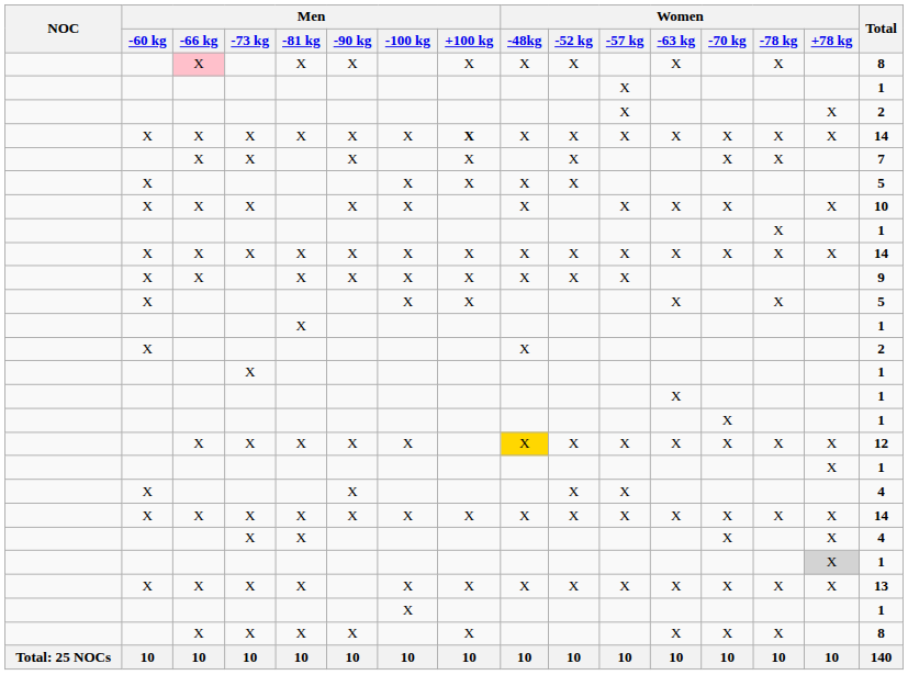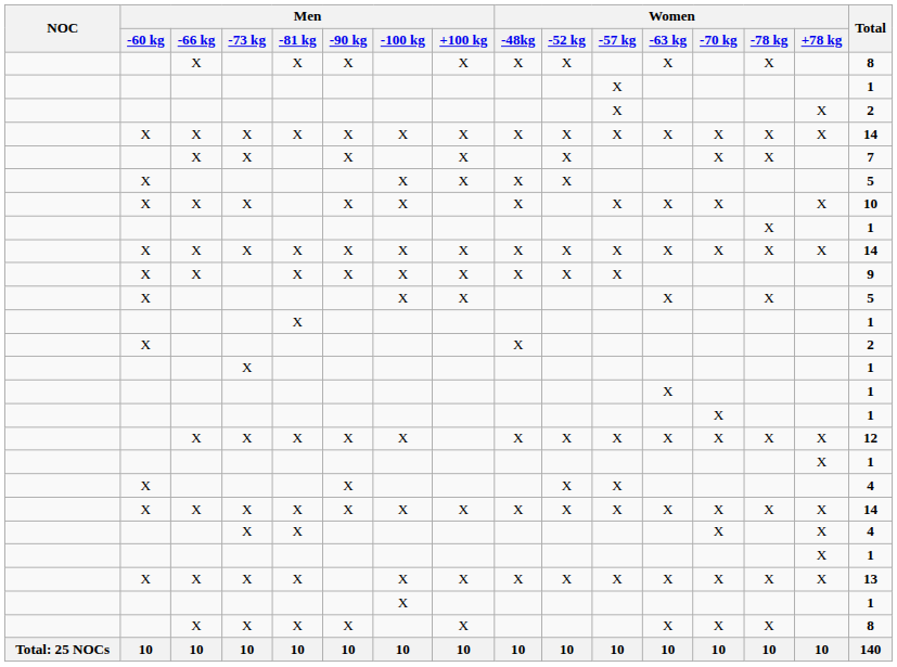 <table class="wikitable" width=900 style="text-align:center; font-size:90%">
 <tr>
 <th rowspan="2" align="left">NOC</th>
 <th colspan="7">Men</th>
 <th colspan="7">Women</th>
 <th rowspan="2">Total</th>
 </tr>
 <tr>
 <th><a href='#'>-60 kg</a></th>
 <th><a href='#'>-66 kg</a></th>
 <th><a href='#'>-73 kg</a></th>
 <th><a href='#'>-81 kg</a></th>
 <th><a href='#'>-90 kg</a></th>
 <th><a href='#'>-100 kg</a></th>
 <th><a href='#'>+100 kg</a></th>
 <th><a href='#'>-48kg</a></th>
 <th><a href='#'>-52 kg</a></th>
 <th><a href='#'>-57 kg</a></th>
 <th><a href='#'>-63 kg</a></th>
 <th><a href='#'>-70 kg</a></th>
 <th><a href='#'>-78 kg</a></th>
 <th><a href='#'>+78 kg</a></th>
 </tr>
 <tr>
 <td style="text-align:left;"></td>
 <td></td>
-<td style="background: pink;">X</td>
+<td>X</td>
 <td></td>
 <td>X</td>
 <td>X</td>
 <td></td>
 <td>X</td>
 <td>X</td>
 <td>X</td>
 <td></td>
 <td>X</td>
 <td></td>
 <td>X</td>
 <td></td>
 <td><strong>8</strong></td>
 </tr>
 <tr>
 <td style="text-align:left;"></td>
 <td></td>
 <td></td>
 <td></td>
 <td></td>
 <td></td>
 <td></td>
 <td></td>
 <td></td>
 <td></td>
 <td>X</td>
 <td></td>
 <td></td>
 <td></td>
 <td></td>
 <td><strong>1</strong></td>
 </tr>
 <tr>
 <td style="text-align:left;"></td>
 <td></td>
 <td></td>
 <td></td>
 <td></td>
 <td></td>
 <td></td>
 <td></td>
 <td></td>
 <td></td>
 <td>X</td>
 <td></td>
 <td></td>
 <td></td>
 <td>X</td>
 <td><strong>2</strong></td>
 </tr>
 <tr>
 <td style="text-align:left;"></td>
 <td>X</td>
 <td>X</td>
 <td>X</td>
 <td>X</td>
 <td>X</td>
 <td>X</td>
-<td><strong>X</strong></td>
+<td>X</td>
 <td>X</td>
 <td>X</td>
 <td>X</td>
 <td>X</td>
 <td>X</td>
 <td>X</td>
 <td>X</td>
 <td><strong>14</strong></td>
 </tr>
 <tr>
 <td style="text-align:left;"></td>
 <td></td>
 <td>X</td>
 <td>X</td>
 <td></td>
 <td>X</td>
 <td></td>
 <td>X</td>
 <td></td>
 <td>X</td>
 <td></td>
 <td></td>
 <td>X</td>
 <td>X</td>
 <td></td>
 <td><strong>7</strong></td>
 </tr>
 <tr>
 <td style="text-align:left;"></td>
 <td>X</td>
 <td></td>
 <td></td>
 <td></td>
 <td></td>
 <td>X</td>
 <td>X</td>
 <td>X</td>
 <td>X</td>
 <td></td>
 <td></td>
 <td></td>
 <td></td>
 <td></td>
 <td><strong>5</strong></td>
 </tr>
 <tr>
 <td style="text-align:left;"></td>
 <td>X</td>
 <td>X</td>
 <td>X</td>
 <td></td>
 <td>X</td>
 <td>X</td>
 <td></td>
 <td>X</td>
 <td></td>
 <td>X</td>
 <td>X</td>
 <td>X</td>
 <td></td>
 <td>X</td>
 <td><strong>10</strong></td>
 </tr>
 <tr>
 <td style="text-align:left;"></td>
 <td></td>
 <td></td>
 <td></td>
 <td></td>
 <td></td>
 <td></td>
 <td></td>
 <td></td>
 <td></td>
 <td></td>
 <td></td>
 <td></td>
 <td>X</td>
 <td></td>
 <td><strong>1</strong></td>
 </tr>
 <tr>
 <td style="text-align:left;"></td>
 <td>X</td>
 <td>X</td>
 <td>X</td>
 <td>X</td>
 <td>X</td>
 <td>X</td>
 <td>X</td>
 <td>X</td>
 <td>X</td>
 <td>X</td>
 <td>X</td>
 <td>X</td>
 <td>X</td>
 <td>X</td>
 <td><strong>14</strong></td>
 </tr>
 <tr>
 <td style="text-align:left;"></td>
 <td>X</td>
 <td>X</td>
 <td></td>
 <td>X</td>
 <td>X</td>
 <td>X</td>
 <td>X</td>
 <td>X</td>
 <td>X</td>
 <td>X</td>
 <td></td>
 <td></td>
 <td></td>
 <td></td>
 <td><strong>9</strong></td>
 </tr>
 <tr>
 <td style="text-align:left;"></td>
 <td>X</td>
 <td></td>
 <td></td>
 <td></td>
 <td></td>
 <td>X</td>
 <td>X</td>
 <td></td>
 <td></td>
 <td></td>
 <td>X</td>
 <td></td>
 <td>X</td>
 <td></td>
 <td><strong>5</strong></td>
 </tr>
 <tr>
 <td style="text-align:left;"></td>
 <td></td>
 <td></td>
 <td></td>
 <td>X</td>
 <td></td>
 <td></td>
 <td></td>
 <td></td>
 <td></td>
 <td></td>
 <td></td>
 <td></td>
 <td></td>
 <td></td>
 <td><strong>1</strong></td>
 </tr>
 <tr>
 <td style="text-align:left;"></td>
 <td>X</td>
 <td></td>
 <td></td>
 <td></td>
 <td></td>
 <td></td>
 <td></td>
 <td>X</td>
 <td></td>
 <td></td>
 <td></td>
 <td></td>
 <td></td>
 <td></td>
 <td><strong>2</strong></td>
 </tr>
 <tr>
 <td style="text-align:left;"></td>
 <td></td>
 <td></td>
 <td>X</td>
 <td></td>
 <td></td>
 <td></td>
 <td></td>
 <td></td>
 <td></td>
 <td></td>
 <td></td>
 <td></td>
 <td></td>
 <td></td>
 <td><strong>1</strong></td>
 </tr>
 <tr>
 <td style="text-align:left;"></td>
 <td></td>
 <td></td>
 <td></td>
 <td></td>
 <td></td>
 <td></td>
 <td></td>
 <td></td>
 <td></td>
 <td></td>
 <td>X</td>
 <td></td>
 <td></td>
 <td></td>
 <td><strong>1</strong></td>
 </tr>
 <tr>
 <td style="text-align:left;"></td>
 <td></td>
 <td></td>
 <td></td>
 <td></td>
 <td></td>
 <td></td>
 <td></td>
 <td></td>
 <td></td>
 <td></td>
 <td></td>
 <td>X</td>
 <td></td>
 <td></td>
 <td><strong>1</strong></td>
 </tr>
 <tr>
 <td style="text-align:left;"></td>
 <td></td>
 <td>X</td>
 <td>X</td>
 <td>X</td>
 <td>X</td>
 <td>X</td>
 <td></td>
-<td style="background: gold;">X</td>
+<td>X</td>
 <td>X</td>
 <td>X</td>
 <td>X</td>
 <td>X</td>
 <td>X</td>
 <td>X</td>
 <td><strong>12</strong></td>
 </tr>
 <tr>
 <td style="text-align:left;"></td>
 <td></td>
 <td></td>
 <td></td>
 <td></td>
 <td></td>
 <td></td>
 <td></td>
 <td></td>
 <td></td>
 <td></td>
 <td></td>
 <td></td>
 <td></td>
 <td>X</td>
 <td><strong>1</strong></td>
 </tr>
 <tr>
 <td style="text-align:left;"></td>
 <td>X</td>
 <td></td>
 <td></td>
 <td></td>
 <td>X</td>
 <td></td>
 <td></td>
 <td></td>
 <td>X</td>
 <td>X</td>
 <td></td>
 <td></td>
 <td></td>
 <td></td>
 <td><strong>4</strong></td>
 </tr>
 <tr>
 <td style="text-align:left;"></td>
 <td>X</td>
 <td>X</td>
 <td>X</td>
 <td>X</td>
 <td>X</td>
 <td>X</td>
 <td>X</td>
 <td>X</td>
 <td>X</td>
 <td>X</td>
 <td>X</td>
 <td>X</td>
 <td>X</td>
 <td>X</td>
 <td><strong>14</strong></td>
 </tr>
 <tr>
 <td style="text-align:left;"></td>
 <td></td>
 <td></td>
 <td>X</td>
 <td>X</td>
 <td></td>
 <td></td>
 <td></td>
 <td></td>
 <td></td>
 <td></td>
 <td></td>
 <td>X</td>
 <td></td>
 <td>X</td>
 <td><strong>4</strong></td>
 </tr>
 <tr>
 <td style="text-align:left;"></td>
 <td></td>
 <td></td>
 <td></td>
 <td></td>
 <td></td>
 <td></td>
 <td></td>
 <td></td>
 <td></td>
 <td></td>
 <td></td>
 <td></td>
 <td></td>
-<td style="background: lightgrey;">X</td>
+<td>X</td>
 <td><strong>1</strong></td>
 </tr>
 <tr>
 <td style="text-align:left;"></td>
 <td>X</td>
 <td>X</td>
 <td>X</td>
 <td>X</td>
 <td></td>
 <td>X</td>
 <td>X</td>
 <td>X</td>
 <td>X</td>
 <td>X</td>
 <td>X</td>
 <td>X</td>
 <td>X</td>
 <td>X</td>
 <td><strong>13</strong></td>
 </tr>
 <tr>
 <td style="text-align:left;"></td>
 <td></td>
 <td></td>
 <td></td>
 <td></td>
 <td></td>
 <td>X</td>
 <td></td>
 <td></td>
 <td></td>
 <td></td>
 <td></td>
 <td></td>
 <td></td>
 <td></td>
 <td><strong>1</strong></td>
 </tr>
 <tr>
 <td style="text-align:left;"></td>
 <td></td>
 <td>X</td>
 <td>X</td>
 <td>X</td>
 <td>X</td>
 <td></td>
 <td>X</td>
 <td></td>
 <td></td>
 <td></td>
 <td>X</td>
 <td>X</td>
 <td>X</td>
 <td></td>
 <td><strong>8</strong></td>
 </tr>
 <tr>
 <th>Total: 25 NOCs</th>
 <th>10</th>
 <th>10</th>
 <th>10</th>
 <th>10</th>
 <th>10</th>
 <th>10</th>
 <th>10</th>
 <th>10</th>
 <th>10</th>
 <th>10</th>
 <th>10</th>
 <th>10</th>
 <th>10</th>
 <th>10</th>
 <th>140</th>
 </tr>
 </table>
